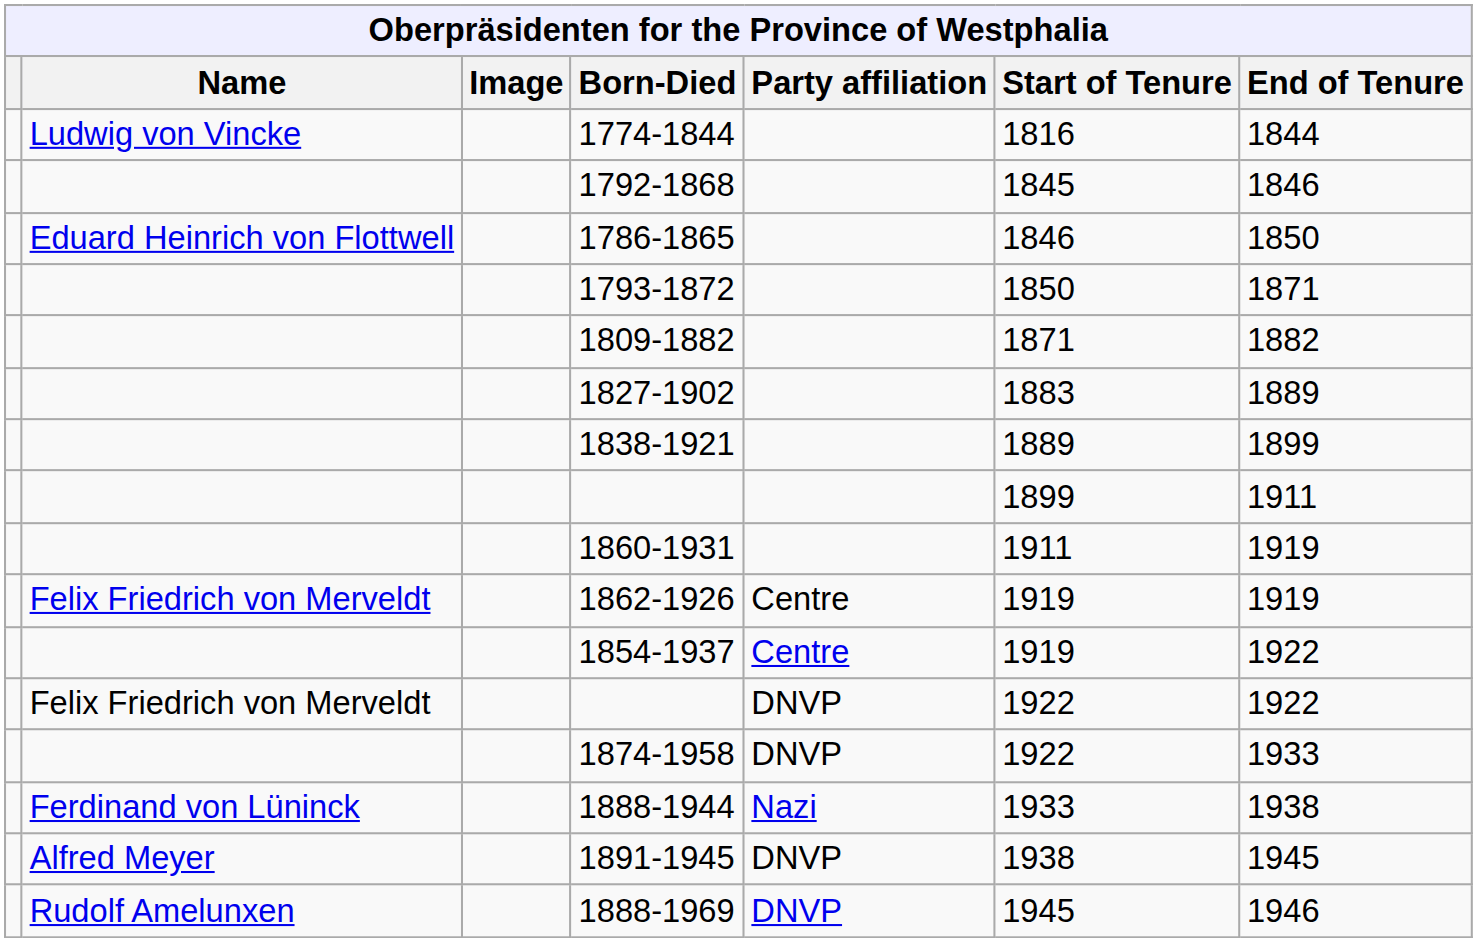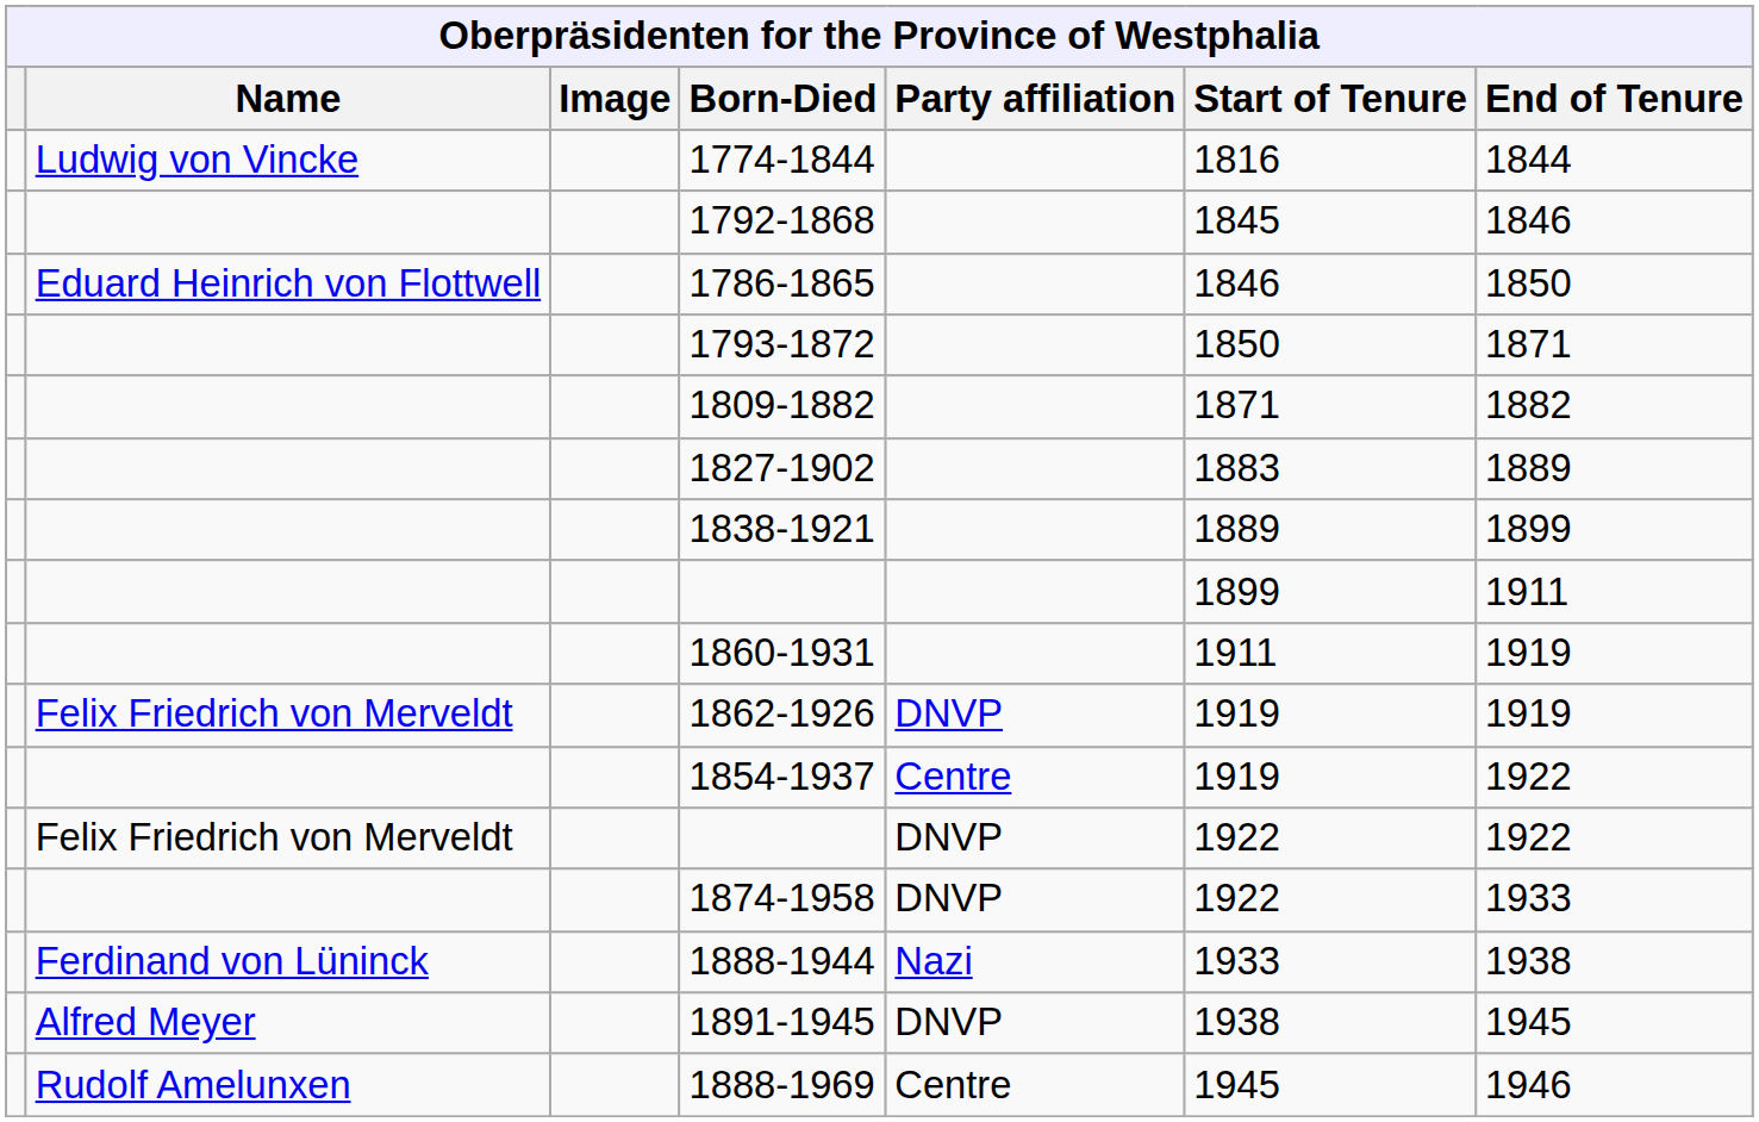 <table class="wikitable">
 <tr>
 <th colspan="8" style="background:#eef; text-align:center;">Oberpräsidenten for the Province of Westphalia</th>
 </tr>
 <tr style="background:#eef;">
 <th></th>
 <th>Name</th>
 <th>Image</th>
 <th>Born-Died</th>
 <th>Party affiliation</th>
 <th>Start of Tenure</th>
 <th>End of Tenure</th>
 </tr>
 <tr>
 <td></td>
 <td><a href='#'>Ludwig von Vincke</a></td>
 <td></td>
 <td>1774-1844</td>
 <td></td>
 <td>1816</td>
 <td>1844</td>
 </tr>
 <tr>
 <td></td>
 <td></td>
 <td></td>
 <td>1792-1868</td>
 <td></td>
 <td>1845</td>
 <td>1846</td>
 </tr>
 <tr>
 <td></td>
 <td><a href='#'>Eduard Heinrich von Flottwell</a></td>
 <td></td>
 <td>1786-1865</td>
 <td></td>
 <td>1846</td>
 <td>1850</td>
 </tr>
 <tr>
 <td></td>
 <td></td>
 <td></td>
 <td>1793-1872</td>
 <td></td>
 <td>1850</td>
 <td>1871</td>
 </tr>
 <tr>
 <td></td>
 <td></td>
 <td></td>
 <td>1809-1882</td>
 <td></td>
 <td>1871</td>
 <td>1882</td>
 </tr>
 <tr>
 <td></td>
 <td></td>
 <td></td>
 <td>1827-1902</td>
 <td></td>
 <td>1883</td>
 <td>1889</td>
 </tr>
 <tr>
 <td></td>
 <td></td>
 <td></td>
 <td>1838-1921</td>
 <td></td>
 <td>1889</td>
 <td>1899</td>
 </tr>
 <tr>
 <td></td>
 <td></td>
 <td></td>
 <td></td>
 <td></td>
 <td>1899</td>
 <td>1911</td>
 </tr>
 <tr>
 <td></td>
 <td></td>
 <td></td>
 <td>1860-1931</td>
 <td></td>
 <td>1911</td>
 <td>1919</td>
 </tr>
 <tr>
 <td></td>
 <td><a href='#'>Felix Friedrich von Merveldt</a></td>
 <td></td>
 <td>1862-1926</td>
-<td>Centre</td>
+<td><a href='#'>DNVP</a></td>
 <td>1919</td>
 <td>1919</td>
 </tr>
 <tr>
 <td></td>
 <td></td>
 <td></td>
 <td>1854-1937</td>
 <td><a href='#'>Centre</a></td>
 <td>1919</td>
 <td>1922</td>
 </tr>
 <tr>
 <td width="1"></td>
 <td>Felix Friedrich von Merveldt</td>
 <td></td>
 <td></td>
 <td>DNVP</td>
 <td>1922</td>
 <td>1922</td>
 </tr>
 <tr>
 <td></td>
 <td></td>
 <td></td>
 <td>1874-1958</td>
 <td>DNVP</td>
 <td>1922</td>
 <td>1933</td>
 </tr>
 <tr>
 <td></td>
 <td><a href='#'>Ferdinand von Lüninck</a></td>
 <td></td>
 <td>1888-1944</td>
 <td><a href='#'>Nazi</a></td>
 <td>1933</td>
 <td>1938</td>
 </tr>
 <tr>
 <td></td>
 <td><a href='#'>Alfred Meyer</a></td>
 <td></td>
 <td>1891-1945</td>
 <td>DNVP</td>
 <td>1938</td>
 <td>1945</td>
 </tr>
 <tr>
 <td></td>
 <td><a href='#'>Rudolf Amelunxen</a></td>
 <td></td>
 <td>1888-1969</td>
-<td><a href='#'>DNVP</a></td>
+<td>Centre</td>
 <td>1945</td>
 <td>1946</td>
 </tr>
 </table>
